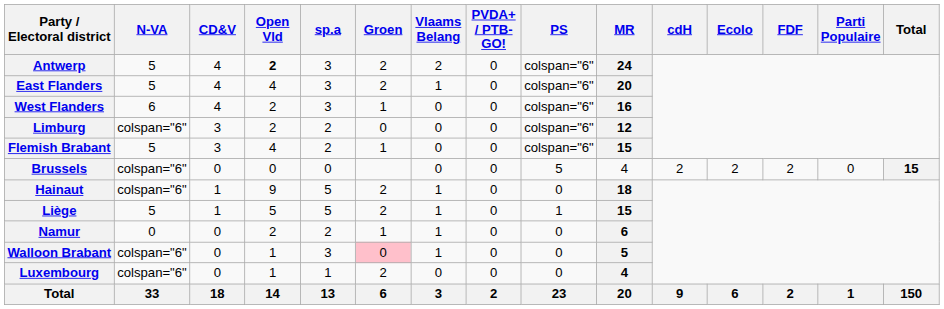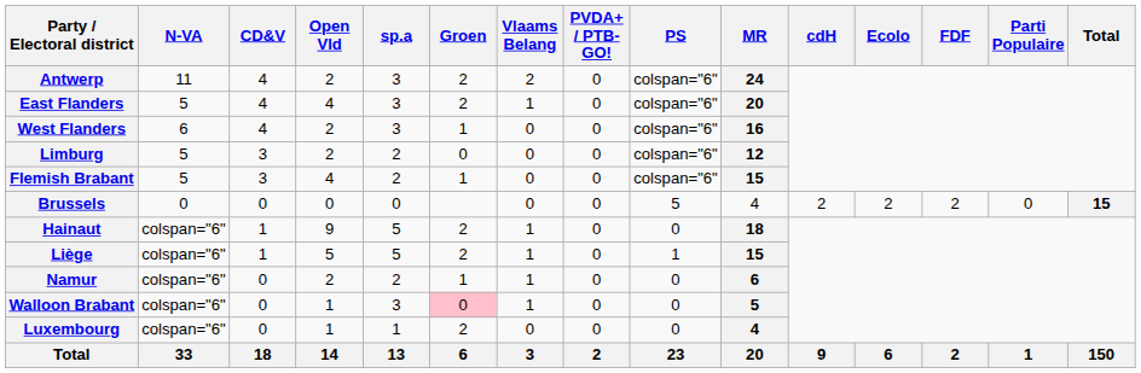 <table class="wikitable" style="text-align:center">
 <tr>
 <th>Party /<br>Electoral district</th>
 <th style="width:60px;"><a href='#'>N-VA</a></th>
 <th style="width:60px;"><a href='#'>CD&V</a></th>
 <th style="width:60px;"><a href='#'>Open Vld</a></th>
 <th style="width:60px;"><a href='#'>sp.a</a></th>
 <th style="width:60px;"><a href='#'>Groen</a></th>
 <th style="width:60px;"><a href='#'>Vlaams Belang</a></th>
 <th style="width:60px;"><a href='#'>PVDA+ / PTB-GO!</a></th>
 <th style="width:60px;"><a href='#'>PS</a></th>
 <th style="width:60px;"><a href='#'>MR</a></th>
 <th style="width:60px;"><a href='#'>cdH</a></th>
 <th style="width:60px;"><a href='#'>Ecolo</a></th>
 <th style="width:60px;"><a href='#'>FDF</a></th>
 <th style="width:60px;"><a href='#'>Parti Populaire</a></th>
 <th style="width:60px;">Total</th>
 </tr>
 <tr>
 <th><a href='#'>Antwerp</a></th>
-<td>5</td>
+<td>11</td>
 <td>4</td>
-<td><strong>2</strong></td>
+<td>2</td>
 <td>3</td>
 <td>2</td>
 <td>2</td>
 <td>0</td>
 <td>colspan="6" </td>
 <th>24</th>
 </tr>
 <tr>
 <th><a href='#'>East Flanders</a></th>
 <td>5</td>
 <td>4</td>
 <td>4</td>
 <td>3</td>
 <td>2</td>
 <td>1</td>
 <td>0</td>
 <td>colspan="6" </td>
 <th>20</th>
 </tr>
 <tr>
 <th><a href='#'>West Flanders</a></th>
 <td>6</td>
 <td>4</td>
 <td>2</td>
 <td>3</td>
 <td>1</td>
 <td>0</td>
 <td>0</td>
 <td>colspan="6" </td>
 <th>16</th>
 </tr>
 <tr>
 <th><a href='#'>Limburg</a></th>
-<td>colspan="6" </td>
+<td>5</td>
 <td>3</td>
 <td>2</td>
 <td>2</td>
 <td>0</td>
 <td>0</td>
 <td>0</td>
 <td>colspan="6" </td>
 <th>12</th>
 </tr>
 <tr>
 <th><a href='#'>Flemish Brabant</a></th>
 <td>5</td>
 <td>3</td>
 <td>4</td>
 <td>2</td>
 <td>1</td>
 <td>0</td>
 <td>0</td>
 <td>colspan="6" </td>
 <th>15</th>
 </tr>
 <tr>
 <th><a href='#'>Brussels</a></th>
-<td>colspan="6" </td>
+<td>0</td>
 <td>0</td>
 <td>0</td>
 <td>0</td>
 <td></td>
 <td>0</td>
 <td>0</td>
 <td>5</td>
 <td>4</td>
 <td>2</td>
 <td>2</td>
 <td>2</td>
 <td>0</td>
 <th>15</th>
 </tr>
 <tr>
 <th><a href='#'>Hainaut</a></th>
 <td>colspan="6" </td>
 <td>1</td>
 <td>9</td>
 <td>5</td>
 <td>2</td>
 <td>1</td>
 <td>0</td>
 <td>0</td>
 <th>18</th>
 </tr>
 <tr>
 <th><a href='#'>Liège</a></th>
-<td>5</td>
+<td>colspan="6" </td>
 <td>1</td>
 <td>5</td>
 <td>5</td>
 <td>2</td>
 <td>1</td>
 <td>0</td>
 <td>1</td>
 <th>15</th>
 </tr>
 <tr>
 <th><a href='#'>Namur</a></th>
-<td>0</td>
+<td>colspan="6" </td>
 <td>0</td>
 <td>2</td>
 <td>2</td>
 <td>1</td>
 <td>1</td>
 <td>0</td>
 <td>0</td>
 <th>6</th>
 </tr>
 <tr>
 <th><a href='#'>Walloon Brabant</a></th>
 <td>colspan="6" </td>
 <td>0</td>
 <td>1</td>
 <td>3</td>
 <td style="background: pink;">0</td>
 <td>1</td>
 <td>0</td>
 <td>0</td>
 <th>5</th>
 </tr>
 <tr>
 <th><a href='#'>Luxembourg</a></th>
 <td>colspan="6" </td>
 <td>0</td>
 <td>1</td>
 <td>1</td>
 <td>2</td>
 <td>0</td>
 <td>0</td>
 <td>0</td>
 <th>4</th>
 </tr>
 <tr>
 <th>Total</th>
 <th>33</th>
 <th>18</th>
 <th>14</th>
 <th>13</th>
 <th>6</th>
 <th>3</th>
 <th>2</th>
 <th>23</th>
 <th>20</th>
 <th>9</th>
 <th>6</th>
 <th>2</th>
 <th>1</th>
 <th>150</th>
 </tr>
 </table>
